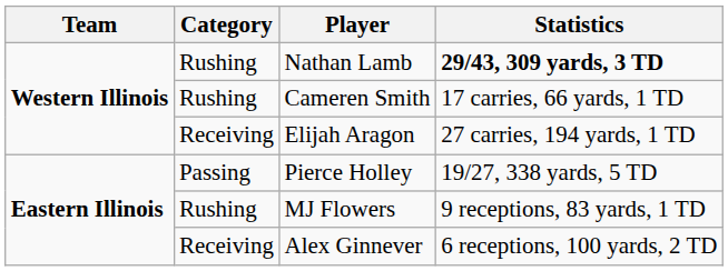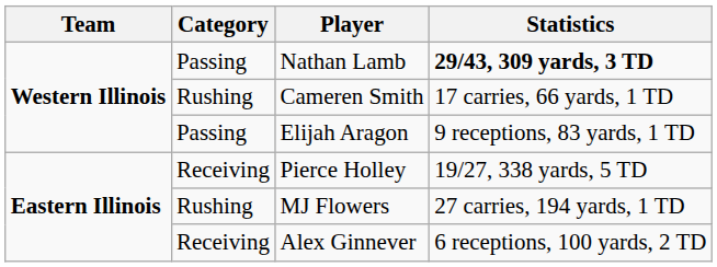 <table class="wikitable" style="float: right;">
 <tr>
 <th>Team</th>
 <th>Category</th>
 <th>Player</th>
 <th>Statistics</th>
 </tr>
 <tr>
 <td rowspan=3><strong>Western Illinois</strong></td>
-<td>Rushing</td>
+<td>Passing</td>
 <td>Nathan Lamb</td>
 <td><strong>29/43, 309 yards, 3 TD</strong></td>
 </tr>
 <tr>
 <td>Rushing</td>
 <td>Cameren Smith</td>
 <td>17 carries, 66 yards, 1 TD</td>
 </tr>
 <tr>
-<td>Receiving</td>
+<td>Passing</td>
 <td>Elijah Aragon</td>
-<td>27 carries, 194 yards, 1 TD</td>
+<td>9 receptions, 83 yards, 1 TD</td>
 </tr>
 <tr>
 <td rowspan=3><strong>Eastern Illinois</strong></td>
-<td>Passing</td>
+<td>Receiving</td>
 <td>Pierce Holley</td>
 <td>19/27, 338 yards, 5 TD</td>
 </tr>
 <tr>
 <td>Rushing</td>
 <td>MJ Flowers</td>
-<td>9 receptions, 83 yards, 1 TD</td>
+<td>27 carries, 194 yards, 1 TD</td>
 </tr>
 <tr>
 <td>Receiving</td>
 <td>Alex Ginnever</td>
 <td>6 receptions, 100 yards, 2 TD</td>
 </tr>
 </table>
